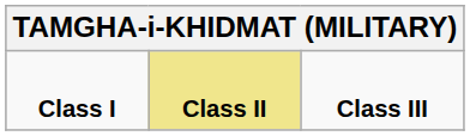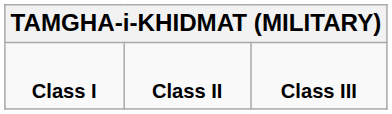 <table class="wikitable" style="margin: 1em auto;">
 <tr>
 <th colspan="3"><strong>TAMGHA-i-KHIDMAT</strong> (MILITARY)</th>
 </tr>
 <tr align="center">
 <td><br><strong><small>Class I</small></strong></td>
-<td style="background: khaki;"><br><strong><small>Class II</small></strong></td>
+<td><br><strong><small>Class II</small></strong></td>
 <td><br><strong><small>Class III</small></strong></td>
 </tr>
 </table>
